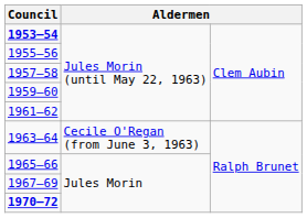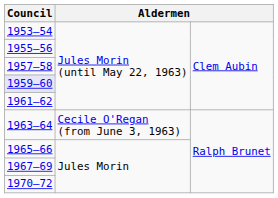 <table class="wikitable">
 <tr>
 <th>Council</th>
 <th Colspan="2">Aldermen</th>
 </tr>
 <tr>
-<td><strong><a href='#'>1953–54</a></strong></td>
+<td><a href='#'>1953–54</a></td>
 <td rowspan="6"><a href='#'>Jules Morin</a> <br> (until May 22, 1963)</td>
 <td rowspan="5"><a href='#'>Clem Aubin</a></td>
 </tr>
 <tr>
 <td><a href='#'>1955–56</a></td>
 </tr>
 <tr>
 <td><a href='#'>1957–58</a></td>
 </tr>
 <tr>
-<td><a href='#'>1959–60</a></td>
+<td style="background: lavender;"><a href='#'>1959–60</a></td>
 </tr>
 <tr>
 <td><a href='#'>1961–62</a></td>
 </tr>
 <tr>
 <td rowspan="2"><a href='#'>1963–64</a></td>
 <td rowspan="5"><a href='#'>Ralph Brunet</a></td>
 </tr>
 <tr>
 <td><a href='#'>Cecile O'Regan</a> <br> (from June 3, 1963)</td>
 </tr>
 <tr>
 <td><a href='#'>1965–66</a></td>
 <td rowspan="3">Jules Morin</td>
 </tr>
 <tr>
 <td><a href='#'>1967–69</a></td>
 </tr>
 <tr>
-<td><strong><a href='#'>1970–72</a></strong></td>
+<td><a href='#'>1970–72</a></td>
 </tr>
 </table>
